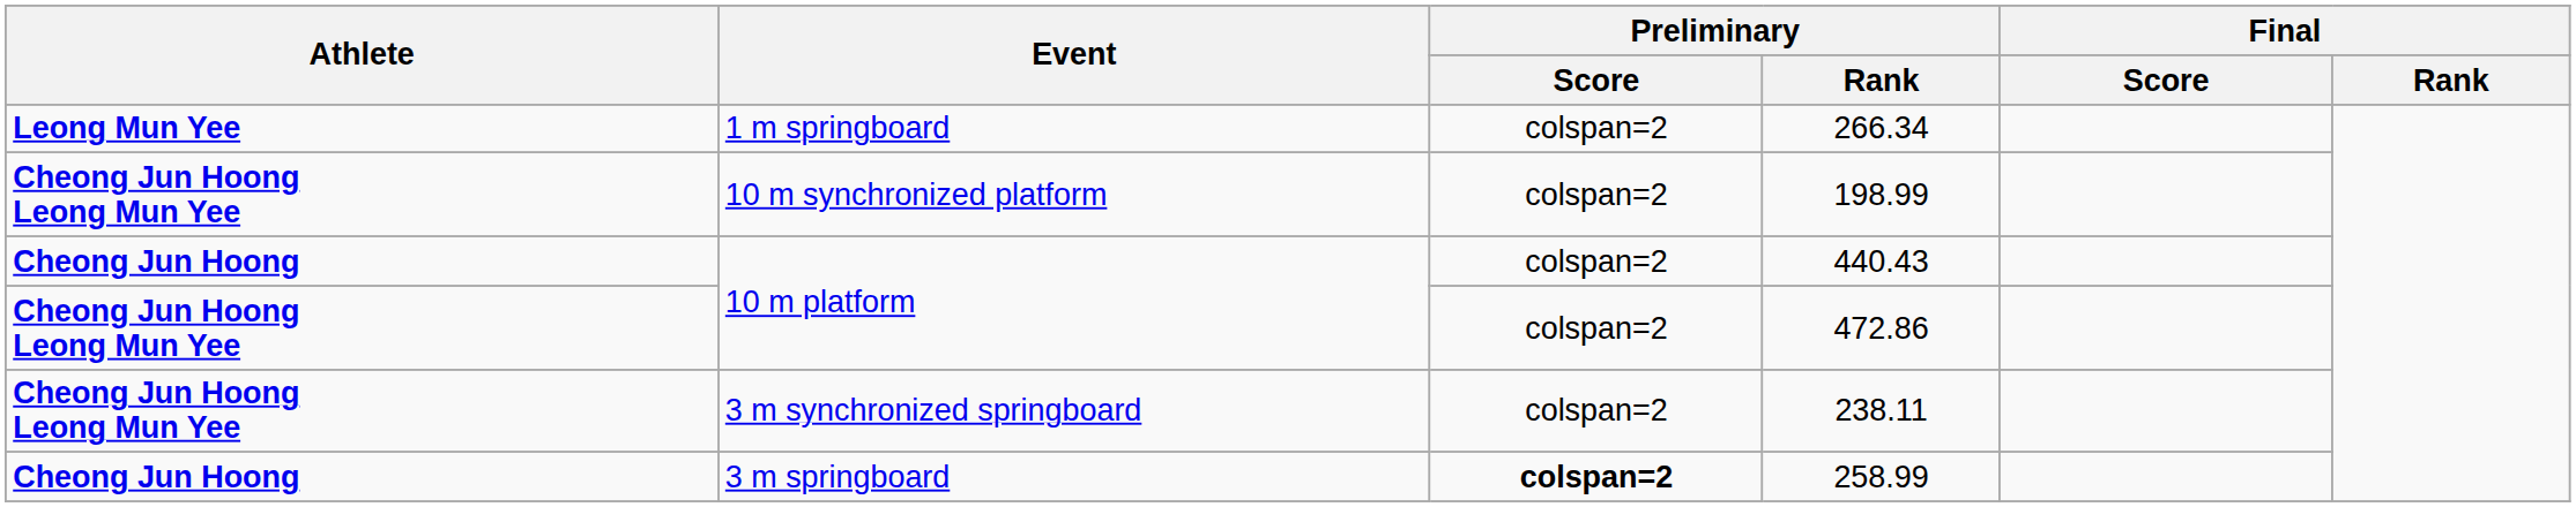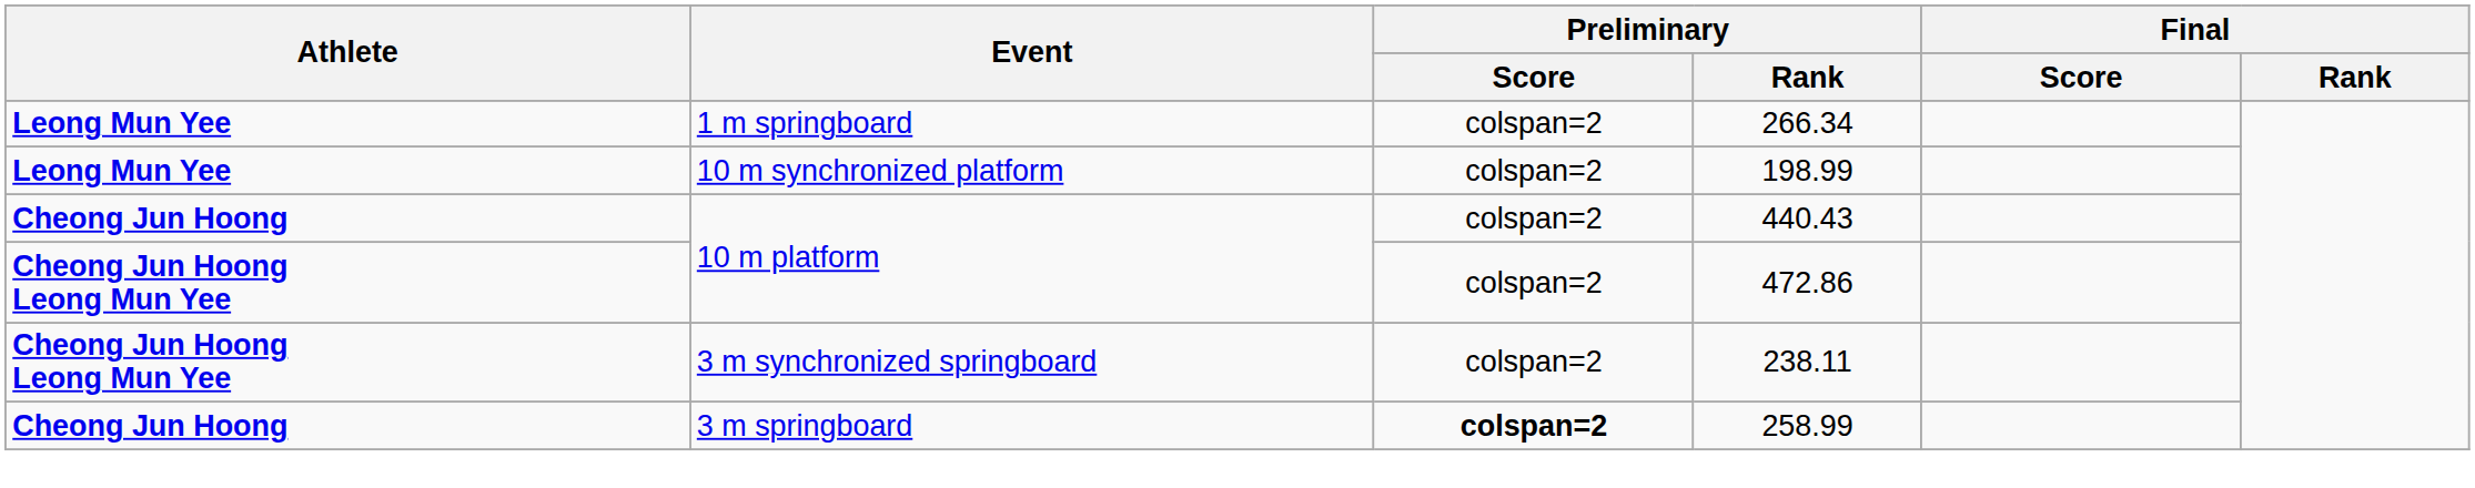 <table class="wikitable" width="75%" style="text-align:center; font-size:90%;">
 <tr>
 <th rowspan="2" width="15%">Athlete</th>
 <th rowspan="2" width="15%">Event</th>
 <th colspan="2" width="12%">Preliminary</th>
 <th colspan="2" width="12%">Final</th>
 </tr>
 <tr>
 <th width="7%">Score</th>
 <th>Rank</th>
 <th width="7%">Score</th>
 <th>Rank</th>
 </tr>
 <tr>
 <td align=left><strong><a href='#'>Leong Mun Yee</a></strong></td>
 <td align=left><a href='#'>1 m springboard</a></td>
 <td>colspan=2 </td>
 <td>266.34</td>
 <td></td>
 </tr>
 <tr>
-<td align=left><strong><a href='#'>Cheong Jun Hoong</a><br><a href='#'>Leong Mun Yee</a></strong></td>
+<td align=left><strong><a href='#'>Leong Mun Yee</a></strong></td>
 <td align=left><a href='#'>10 m synchronized platform</a></td>
 <td>colspan=2 </td>
 <td>198.99</td>
 <td></td>
 </tr>
 <tr>
 <td align=left><strong><a href='#'>Cheong Jun Hoong</a></strong></td>
 <td align=left rowspan=2><a href='#'>10 m platform</a></td>
 <td>colspan=2 </td>
 <td>440.43</td>
 <td></td>
 </tr>
 <tr>
 <td align=left><strong><a href='#'>Cheong Jun Hoong</a><br><a href='#'>Leong Mun Yee</a></strong></td>
 <td>colspan=2 </td>
 <td>472.86</td>
 <td></td>
 </tr>
 <tr>
 <td align=left><strong><a href='#'>Cheong Jun Hoong</a><br><a href='#'>Leong Mun Yee</a></strong></td>
 <td align=left><a href='#'>3 m synchronized springboard</a></td>
 <td>colspan=2 </td>
 <td>238.11</td>
 <td></td>
 </tr>
 <tr>
 <td align=left><strong><a href='#'>Cheong Jun Hoong</a></strong></td>
 <td align=left><a href='#'>3 m springboard</a></td>
 <td><strong>colspan=2 </strong></td>
 <td>258.99</td>
 <td></td>
 </tr>
 </table>
